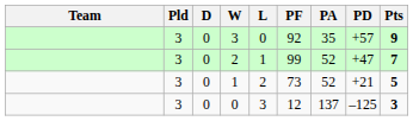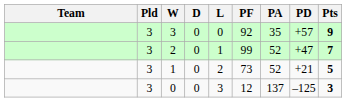 <table class="wikitable" style="text-align:center;">
 <tr>
 <th width=175>Team</th>
 <th width=25 abbr="Played">Pld</th>
+<th width=25 abbr="Won">W</th>
 <th width=25 abbr="Drawn">D</th>
-<th width=25 abbr="Won">W</th>
 <th width=25 abbr="Lost">L</th>
 <th width=32 abbr="Points for">PF</th>
 <th width=32 abbr="Points against">PA</th>
 <th width=32 abbr="Points difference">PD</th>
 <th width=25 abbr="Points">Pts</th>
 </tr>
 <tr bgcolor=ccffcc>
 <td align=left></td>
 <td>3</td>
+<td>3</td>
 <td>0</td>
-<td>3</td>
 <td>0</td>
 <td>92</td>
 <td>35</td>
 <td>+57</td>
 <td><strong>9</strong></td>
 </tr>
 <tr bgcolor=ccffcc>
 <td align=left></td>
 <td>3</td>
+<td>2</td>
 <td>0</td>
-<td>2</td>
 <td>1</td>
 <td>99</td>
 <td>52</td>
 <td>+47</td>
 <td><strong>7</strong></td>
 </tr>
 <tr>
 <td align=left></td>
 <td>3</td>
+<td>1</td>
 <td>0</td>
-<td>1</td>
 <td>2</td>
 <td>73</td>
 <td>52</td>
 <td>+21</td>
 <td><strong>5</strong></td>
 </tr>
 <tr>
 <td align=left></td>
 <td>3</td>
 <td>0</td>
 <td>0</td>
 <td>3</td>
 <td>12</td>
 <td>137</td>
 <td>–125</td>
 <td><strong>3</strong></td>
 </tr>
 </table>
